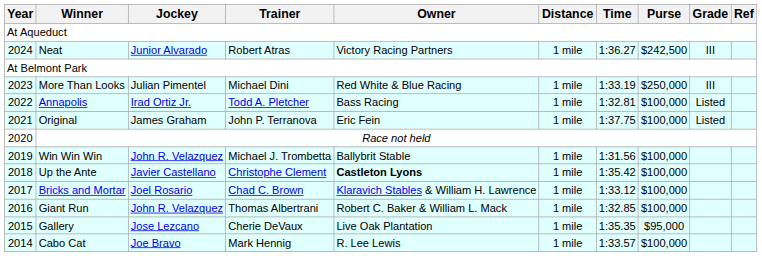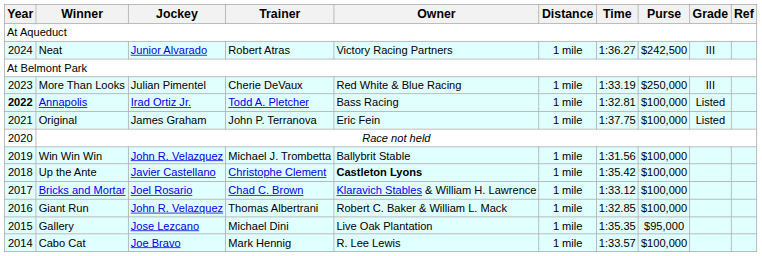 <table class="wikitable sortable">
 <tr>
 <th>Year</th>
 <th>Winner</th>
 <th>Jockey</th>
 <th>Trainer</th>
 <th>Owner</th>
 <th>Distance</th>
 <th>Time</th>
 <th>Purse</th>
 <th>Grade</th>
 <th>Ref</th>
 </tr>
 <tr style="font-size:90%; background-color:white">
 <td align="left" colspan=11>At Aqueduct</td>
 </tr>
 <tr style="font-size:90%; background-color:lightcyan">
 <td align=center>2024</td>
 <td>Neat</td>
 <td><a href='#'>Junior Alvarado</a></td>
 <td>Robert Atras</td>
 <td>Victory Racing Partners</td>
 <td align=center>1 mile</td>
 <td align=center>1:36.27</td>
 <td align=center>$242,500</td>
 <td align=center>III</td>
 <td></td>
 </tr>
 <tr style="font-size:90%; background-color:white">
 <td align="left" colspan=11>At Belmont Park</td>
 </tr>
 <tr style="font-size:90%; background-color:lightcyan">
 <td align=center>2023</td>
 <td>More Than Looks</td>
 <td>Julian Pimentel</td>
-<td>Michael Dini</td>
+<td>Cherie DeVaux</td>
 <td>Red White & Blue Racing</td>
 <td align=center>1 mile</td>
 <td align=center>1:33.19</td>
 <td align=center>$250,000</td>
 <td align=center>III</td>
 <td></td>
 </tr>
 <tr style="font-size:90%; background-color:lightcyan">
-<td align=center>2022</td>
+<td align=center><strong>2022</strong></td>
 <td><a href='#'>Annapolis</a></td>
 <td><a href='#'>Irad Ortiz Jr.</a></td>
 <td><a href='#'>Todd A. Pletcher</a></td>
 <td>Bass Racing</td>
 <td align=center>1 mile</td>
 <td align=center>1:32.81</td>
 <td align=center>$100,000</td>
 <td align=center>Listed</td>
 <td></td>
 </tr>
 <tr style="font-size:90%; background-color:lightcyan">
 <td align=center>2021</td>
 <td>Original</td>
 <td>James Graham</td>
 <td>John P. Terranova</td>
 <td>Eric Fein</td>
 <td align=center>1 mile</td>
 <td align=center>1:37.75</td>
 <td align=center>$100,000</td>
 <td align=center>Listed</td>
 <td></td>
 </tr>
 <tr style="font-size:90%; background-color:white">
 <td align="center">2020</td>
 <td align="center" colspan=9><em>Race not held</em></td>
 </tr>
 <tr style="font-size:90%; background-color:lightcyan">
 <td align=center>2019</td>
 <td>Win Win Win</td>
 <td><a href='#'>John R. Velazquez</a></td>
 <td>Michael J. Trombetta</td>
 <td>Ballybrit Stable</td>
 <td align=center>1 mile</td>
 <td align=center>1:31.56</td>
 <td align=center>$100,000</td>
 <td align=center></td>
 <td></td>
 </tr>
 <tr style="font-size:90%; background-color:lightcyan">
 <td align=center>2018</td>
 <td>Up the Ante</td>
 <td><a href='#'>Javier Castellano</a></td>
 <td><a href='#'>Christophe Clement</a></td>
 <td><strong>Castleton Lyons</strong></td>
 <td align=center>1 mile</td>
 <td align=center>1:35.42</td>
 <td align=center>$100,000</td>
 <td align=center></td>
 <td></td>
 </tr>
 <tr style="font-size:90%; background-color:lightcyan">
 <td align=center>2017</td>
 <td><a href='#'>Bricks and Mortar</a></td>
 <td><a href='#'>Joel Rosario</a></td>
 <td><a href='#'>Chad C. Brown</a></td>
 <td><a href='#'>Klaravich Stables</a> & William H. Lawrence</td>
 <td align=center>1 mile</td>
 <td align=center>1:33.12</td>
 <td align=center>$100,000</td>
 <td align=center></td>
 <td></td>
 </tr>
 <tr style="font-size:90%; background-color:lightcyan">
 <td align=center>2016</td>
 <td>Giant Run</td>
 <td><a href='#'>John R. Velazquez</a></td>
 <td>Thomas Albertrani</td>
 <td>Robert C. Baker & William L. Mack</td>
 <td align=center>1 mile</td>
 <td align=center>1:32.85</td>
 <td align=center>$100,000</td>
 <td align=center></td>
 <td></td>
 </tr>
 <tr style="font-size:90%; background-color:lightcyan">
 <td align=center>2015</td>
 <td>Gallery</td>
 <td><a href='#'>Jose Lezcano</a></td>
-<td>Cherie DeVaux</td>
+<td>Michael Dini</td>
 <td>Live Oak Plantation</td>
 <td align=center>1 mile</td>
 <td align=center>1:35.35</td>
 <td align=center>$95,000</td>
 <td align=center></td>
 <td></td>
 </tr>
 <tr style="font-size:90%; background-color:lightcyan">
 <td align=center>2014</td>
 <td>Cabo Cat</td>
 <td><a href='#'>Joe Bravo</a></td>
 <td>Mark Hennig</td>
 <td>R. Lee Lewis</td>
 <td align=center>1 mile</td>
 <td align=center>1:33.57</td>
 <td align=center>$100,000</td>
 <td align=center></td>
 <td></td>
 </tr>
 </table>
